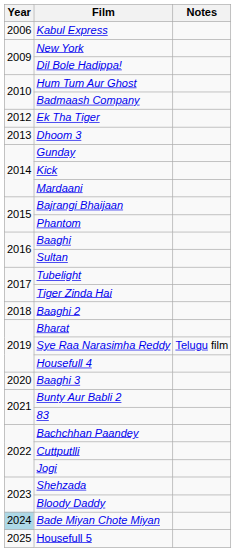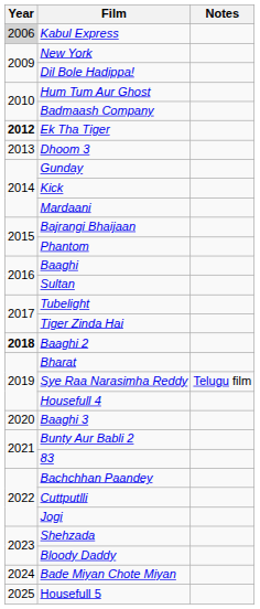 <table class="wikitable sortable">
 <tr>
 <th>Year</th>
 <th>Film</th>
 <th>Notes</th>
 </tr>
 <tr>
-<td>2006</td>
+<td style="background: lightgrey;">2006</td>
 <td><em><a href='#'>Kabul Express</a></em></td>
 <td></td>
 </tr>
 <tr>
 <td rowspan="2">2009</td>
 <td><em><a href='#'>New York</a></em></td>
 <td></td>
 </tr>
 <tr>
 <td><em><a href='#'>Dil Bole Hadippa!</a></em></td>
 <td></td>
 </tr>
 <tr>
 <td rowspan="2">2010</td>
 <td><em><a href='#'>Hum Tum Aur Ghost </a></em></td>
 <td></td>
 </tr>
 <tr>
 <td><em><a href='#'>Badmaash Company</a></em></td>
 <td></td>
 </tr>
 <tr>
-<td>2012</td>
+<td><strong>2012</strong></td>
 <td><em><a href='#'>Ek Tha Tiger</a></em></td>
 <td></td>
 </tr>
 <tr>
 <td>2013</td>
 <td><em><a href='#'>Dhoom 3</a></em></td>
 <td></td>
 </tr>
 <tr>
 <td rowspan="3">2014</td>
 <td><em><a href='#'>Gunday</a></em></td>
 <td></td>
 </tr>
 <tr>
 <td><em><a href='#'>Kick</a></em></td>
 <td></td>
 </tr>
 <tr>
 <td><em><a href='#'>Mardaani</a></em></td>
 <td></td>
 </tr>
 <tr>
 <td rowspan="2">2015</td>
 <td><em><a href='#'>Bajrangi Bhaijaan</a></em></td>
 <td></td>
 </tr>
 <tr>
 <td><em><a href='#'>Phantom</a></em></td>
 <td></td>
 </tr>
 <tr>
 <td rowspan="2">2016</td>
 <td><em><a href='#'>Baaghi</a></em></td>
 <td></td>
 </tr>
 <tr>
 <td><em><a href='#'>Sultan</a></em></td>
 <td></td>
 </tr>
 <tr>
 <td rowspan="2">2017</td>
 <td><em><a href='#'>Tubelight</a></em></td>
 <td></td>
 </tr>
 <tr>
 <td><em><a href='#'>Tiger Zinda Hai</a></em></td>
 <td></td>
 </tr>
 <tr>
-<td>2018</td>
+<td><strong>2018</strong></td>
 <td><em><a href='#'>Baaghi 2</a></em></td>
 <td></td>
 </tr>
 <tr>
 <td rowspan="3">2019</td>
 <td><em><a href='#'>Bharat</a></em></td>
 <td></td>
 </tr>
 <tr>
 <td><em><a href='#'>Sye Raa Narasimha Reddy</a></em></td>
 <td><a href='#'>Telugu</a> film</td>
 </tr>
 <tr>
 <td><em><a href='#'>Housefull 4</a></em></td>
 <td></td>
 </tr>
 <tr>
 <td>2020</td>
 <td><em><a href='#'>Baaghi 3</a></em></td>
 <td></td>
 </tr>
 <tr>
 <td rowspan="2">2021</td>
 <td><em><a href='#'>Bunty Aur Babli 2</a></em></td>
 <td></td>
 </tr>
 <tr>
 <td><em><a href='#'>83</a></em></td>
 <td></td>
 </tr>
 <tr>
 <td rowspan="3">2022</td>
 <td><em><a href='#'>Bachchhan Paandey</a></em></td>
 <td></td>
 </tr>
 <tr>
 <td><em><a href='#'>Cuttputlli</a></em></td>
 <td></td>
 </tr>
 <tr>
 <td><em><a href='#'>Jogi</a></em></td>
 <td></td>
 </tr>
 <tr>
 <td rowspan="2">2023</td>
 <td><a href='#'><em>Shehzada</em></a></td>
 <td></td>
 </tr>
 <tr>
 <td><em><a href='#'>Bloody Daddy</a></em></td>
 <td></td>
 </tr>
 <tr>
-<td style="background: lightblue;">2024</td>
+<td>2024</td>
 <td><a href='#'><em>Bade Miyan Chote Miyan</em></a></td>
 <td></td>
 </tr>
 <tr>
 <td>2025</td>
 <td><a href='#'>Housefull 5</a></td>
 <td></td>
 </tr>
 </table>
